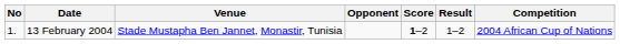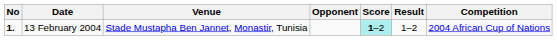 <table class="wikitable">
 <tr>
 <th>No</th>
 <th>Date</th>
 <th>Venue</th>
 <th>Opponent</th>
 <th>Score</th>
 <th>Result</th>
 <th>Competition</th>
 </tr>
 <tr>
-<td>1.</td>
+<td><strong>1.</strong></td>
 <td rowspan="2">13 February 2004</td>
 <td rowspan="2"><a href='#'>Stade Mustapha Ben Jannet</a>, <a href='#'>Monastir</a>, Tunisia</td>
 <td rowspan="2"></td>
-<td align=center><strong>1</strong>–2</td>
+<td align=center style="background: paleturquoise;"><strong>1</strong>–2</td>
 <td rowspan="2" style="text-align:center">1–2</td>
 <td rowspan="2"><a href='#'>2004 African Cup of Nations</a></td>
 </tr>
 </table>
